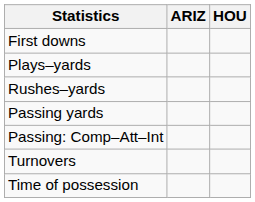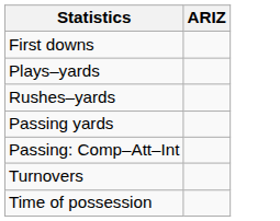 <table class="wikitable" style="float:left">
 <tr>
 <th>Statistics</th>
 <th>ARIZ</th>
-<th>HOU</th>
 </tr>
 <tr>
 <td>First downs</td>
-<td></td>
 <td></td>
 </tr>
 <tr>
 <td>Plays–yards</td>
 <td></td>
-<td></td>
 </tr>
 <tr>
 <td>Rushes–yards</td>
-<td></td>
 <td></td>
 </tr>
 <tr>
 <td>Passing yards</td>
 <td></td>
-<td></td>
 </tr>
 <tr>
 <td>Passing: Comp–Att–Int</td>
-<td></td>
 <td></td>
 </tr>
 <tr>
 <td>Turnovers</td>
 <td></td>
-<td></td>
 </tr>
 <tr>
 <td>Time of possession</td>
 <td></td>
-<td></td>
 </tr>
 </table>
